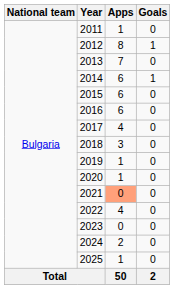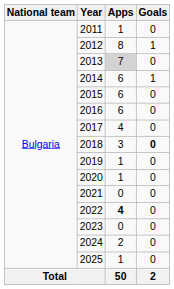 <table class="wikitable" style="text-align:center">
 <tr>
 <th>National team</th>
 <th>Year</th>
 <th>Apps</th>
 <th>Goals</th>
 </tr>
 <tr>
 <td rowspan="15"><a href='#'>Bulgaria</a></td>
 <td>2011</td>
 <td>1</td>
 <td>0</td>
 </tr>
 <tr>
 <td>2012</td>
 <td>8</td>
 <td>1</td>
 </tr>
 <tr>
 <td>2013</td>
-<td>7</td>
+<td style="background: lightgrey;">7</td>
 <td>0</td>
 </tr>
 <tr>
 <td>2014</td>
 <td>6</td>
 <td>1</td>
 </tr>
 <tr>
 <td>2015</td>
 <td>6</td>
 <td>0</td>
 </tr>
 <tr>
 <td>2016</td>
 <td>6</td>
 <td>0</td>
 </tr>
 <tr>
 <td>2017</td>
 <td>4</td>
 <td>0</td>
 </tr>
 <tr>
 <td>2018</td>
 <td>3</td>
-<td>0</td>
+<td><strong>0</strong></td>
 </tr>
 <tr>
 <td>2019</td>
 <td>1</td>
 <td>0</td>
 </tr>
 <tr>
 <td>2020</td>
 <td>1</td>
 <td>0</td>
 </tr>
 <tr>
 <td>2021</td>
-<td style="background: lightsalmon;">0</td>
+<td>0</td>
 <td>0</td>
 </tr>
 <tr>
 <td>2022</td>
-<td>4</td>
+<td><strong>4</strong></td>
 <td>0</td>
 </tr>
 <tr>
 <td>2023</td>
 <td>0</td>
 <td>0</td>
 </tr>
 <tr>
 <td>2024</td>
 <td>2</td>
 <td>0</td>
 </tr>
 <tr>
 <td>2025</td>
 <td>1</td>
 <td>0</td>
 </tr>
 <tr>
 <th colspan="2">Total</th>
 <th>50</th>
 <th>2</th>
 </tr>
 </table>
